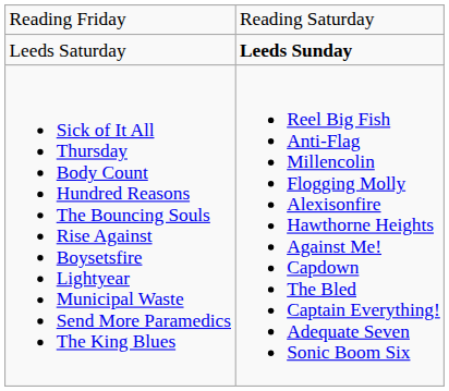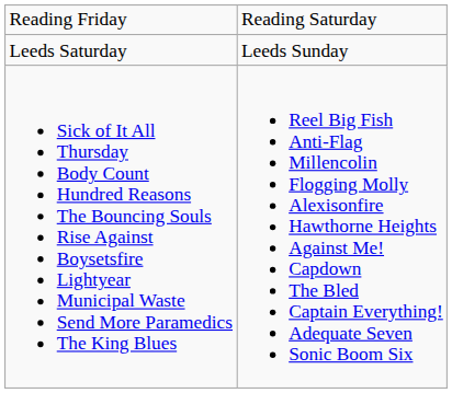 <table class="wikitable">
 <tr>
 <td>Reading Friday</td>
 <td>Reading Saturday</td>
 </tr>
 <tr>
 <td>Leeds Saturday</td>
-<td><strong>Leeds Sunday</strong></td>
+<td>Leeds Sunday</td>
 </tr>
 <tr>
 <td><br><ul><li><a href='#'>Sick of It All</a></li><li><a href='#'>Thursday</a></li><li><a href='#'>Body Count</a></li><li><a href='#'>Hundred Reasons</a></li><li><a href='#'>The Bouncing Souls</a></li><li><a href='#'>Rise Against</a></li><li><a href='#'>Boysetsfire</a></li><li><a href='#'>Lightyear</a></li><li><a href='#'>Municipal Waste</a></li><li><a href='#'>Send More Paramedics</a></li><li><a href='#'>The King Blues</a></li></ul></td>
 <td><br><ul><li><a href='#'>Reel Big Fish</a></li><li><a href='#'>Anti-Flag</a></li><li><a href='#'>Millencolin</a></li><li><a href='#'>Flogging Molly</a></li><li><a href='#'>Alexisonfire</a></li><li><a href='#'>Hawthorne Heights</a></li><li><a href='#'>Against Me!</a></li><li><a href='#'>Capdown</a></li><li><a href='#'>The Bled</a></li><li><a href='#'>Captain Everything!</a></li><li><a href='#'>Adequate Seven</a></li><li><a href='#'>Sonic Boom Six</a></li></ul></td>
 </tr>
 </table>
